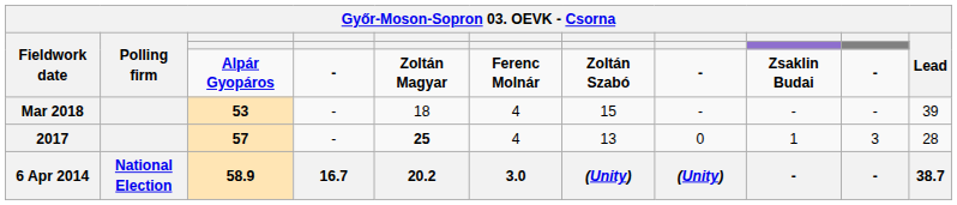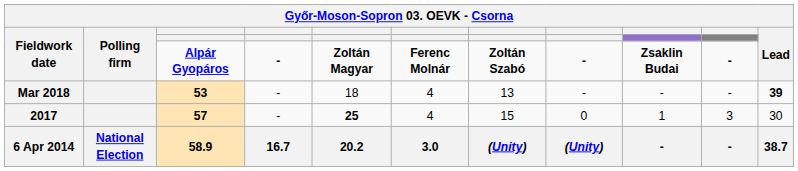 <table class="wikitable mw-collapsible mw-collapsed" style="text-align:center">
 <tr>
 <th colspan="11" style="width: 980pt;"><small><a href='#'>Győr-Moson-Sopron</a> 03. OEVK - <a href='#'>Csorna</a></small></th>
 </tr>
 <tr>
 <th rowspan="3" style="width: 80pt;"><small>Fieldwork</small> <small>date</small></th>
 <th rowspan="3" style="width: 80pt;"><strong><small>Polling</small> <small>firm</small></strong></th>
 <th style="width: 100pt;"><small></small></th>
 <th style="width: 100pt;"><small> </small></th>
 <th style="width: 100pt;"></th>
 <th style="width: 100pt;"></th>
 <th style="width: 100pt;"></th>
 <th style="width: 100pt;"></th>
 <th style="width: 100pt;"></th>
 <th style="width: 100pt;"></th>
 <th rowspan="3" style="width: 20pt;"><small>Lead</small></th>
 </tr>
 <tr>
 <th style="color:inherit;background:"></th>
 <th style="color:inherit;background:"></th>
 <th style="color:inherit;background:"></th>
 <th style="color:inherit;background:"></th>
 <th style="color:inherit;background:"></th>
 <th style="color:inherit;background:"></th>
 <th style="color:inherit;background:#8E6FCE;"></th>
 <th style="color:inherit;background:#808080;"></th>
 </tr>
 <tr>
 <td><a href='#'><small><strong>Alpár Gyopáros</strong></small></a></td>
 <td><small><strong>-</strong></small></td>
 <td><small><strong>Zoltán Magyar</strong></small></td>
 <td><small><strong>Ferenc Molnár</strong></small></td>
 <td><small><strong>Zoltán Szabó</strong></small></td>
 <td><small><strong>-</strong></small></td>
 <td><small><strong>Zsaklin Budai</strong></small></td>
 <td><small><strong>-</strong></small></td>
 </tr>
 <tr>
 <th><small>Mar 2018</small></th>
 <th><small></small></th>
 <td style="background:#FFE5B4"><small><strong>53</strong></small></td>
 <td><small>-</small></td>
 <td><small>18</small></td>
 <td><small>4</small></td>
-<td><small>15</small></td>
+<td><small>13</small></td>
 <td><small>-</small></td>
 <td><small>-</small></td>
 <td><small>-</small></td>
-<td style="background:"><small>39</small></td>
+<td style="background:"><strong><small>39</small></strong></td>
 </tr>
 <tr>
 <th><small>2017</small></th>
 <th><small></small></th>
 <td style="background:#FFE5B4"><small><strong>57</strong></small></td>
 <td><small>-</small></td>
 <td><strong><small>25</small></strong></td>
 <td><small>4</small></td>
-<td><small>13</small></td>
+<td><small>15</small></td>
 <td><small>0</small></td>
 <td><small>1</small></td>
 <td><small>3</small></td>
-<td style="background:"><small>28</small></td>
+<td style="background:"><small>30</small></td>
 </tr>
 <tr>
 <th><small>6 Apr 2014</small></th>
 <th><a href='#'><small>National Election</small></a></th>
 <th style="background:#FFE5B4"><small><strong>58.9</strong></small></th>
 <th><small>16.7</small></th>
 <th><small>20.2</small></th>
 <th><small>3.0</small></th>
 <th><small><em>(<a href='#'>Unity</a>)</em></small></th>
 <th><small><em>(<a href='#'>Unity</a>)</em></small></th>
 <th><small>-</small></th>
 <th><small>-</small></th>
 <th style="background:"><small>38.7</small></th>
 </tr>
 </table>
